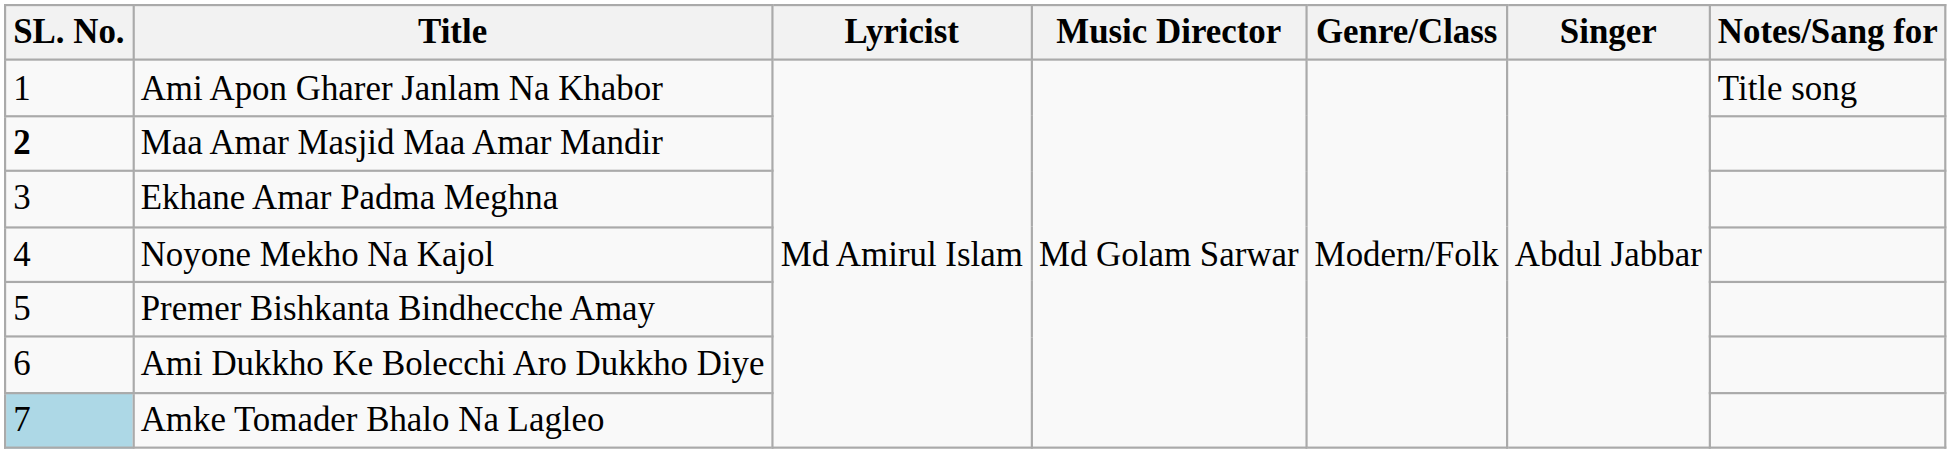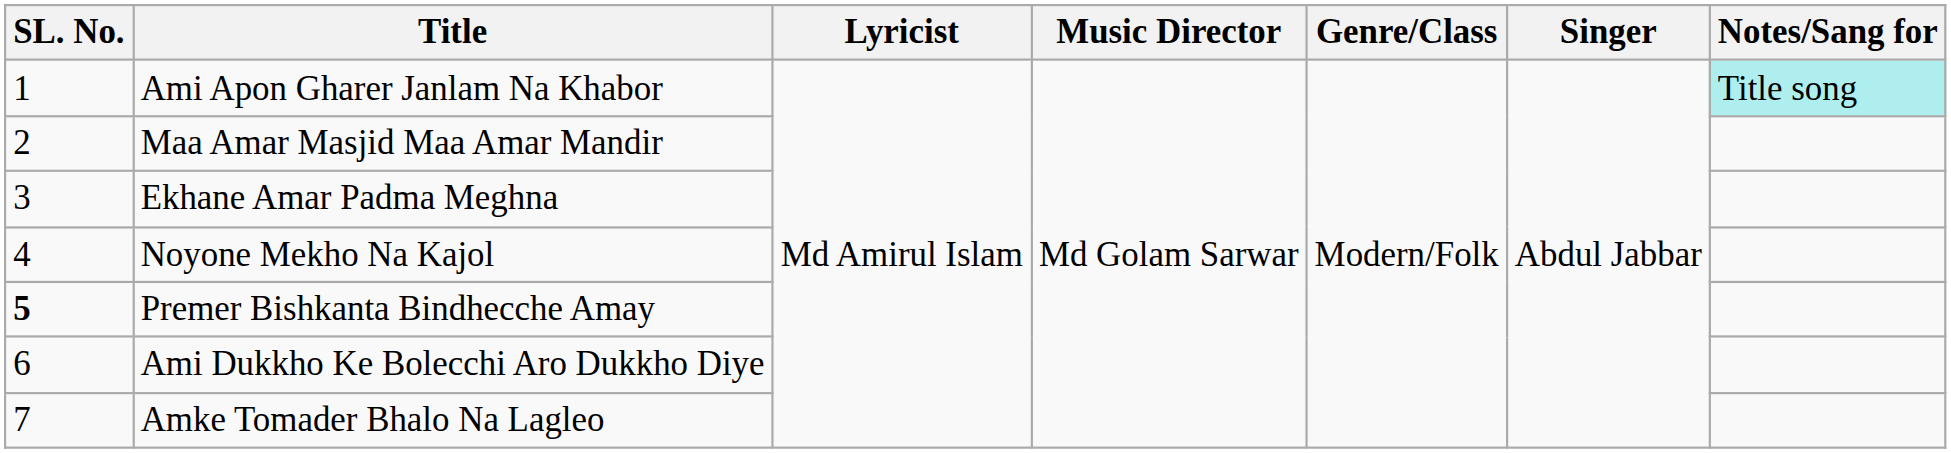 <table class="wikitable sortable">
 <tr>
 <th>SL. No.</th>
 <th>Title</th>
 <th>Lyricist</th>
 <th>Music Director</th>
 <th>Genre/Class</th>
 <th>Singer</th>
 <th>Notes/Sang for</th>
 </tr>
 <tr>
 <td>1</td>
 <td>Ami Apon Gharer Janlam Na Khabor</td>
 <td rowspan="7">Md Amirul Islam</td>
 <td rowspan="7">Md Golam Sarwar</td>
 <td rowspan="7">Modern/Folk</td>
 <td rowspan="7">Abdul Jabbar</td>
-<td>Title song</td>
+<td style="background: paleturquoise;">Title song</td>
 </tr>
 <tr>
-<td><strong>2</strong></td>
+<td>2</td>
 <td>Maa Amar Masjid Maa Amar Mandir</td>
 <td></td>
 </tr>
 <tr>
 <td>3</td>
 <td>Ekhane Amar Padma Meghna</td>
 <td></td>
 </tr>
 <tr>
 <td>4</td>
 <td>Noyone Mekho Na Kajol</td>
 <td></td>
 </tr>
 <tr>
-<td>5</td>
+<td><strong>5</strong></td>
 <td>Premer Bishkanta Bindhecche Amay</td>
 <td></td>
 </tr>
 <tr>
 <td>6</td>
 <td>Ami Dukkho Ke Bolecchi Aro Dukkho Diye</td>
 <td></td>
 </tr>
 <tr>
-<td style="background: lightblue;">7</td>
+<td>7</td>
 <td>Amke Tomader Bhalo Na Lagleo</td>
 <td></td>
 </tr>
 </table>
